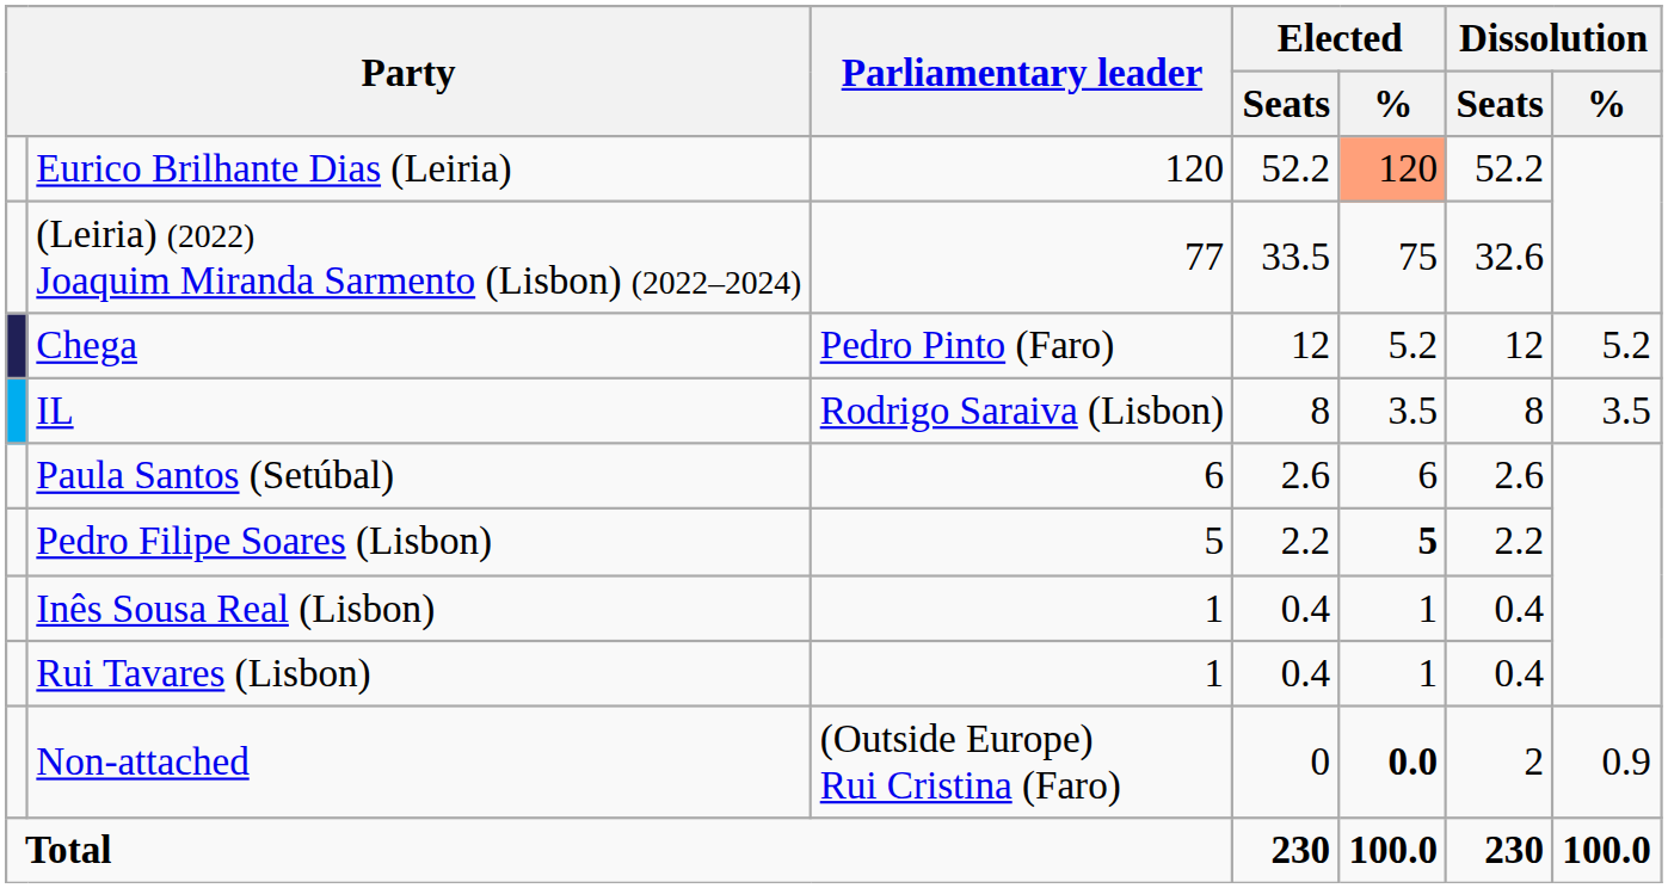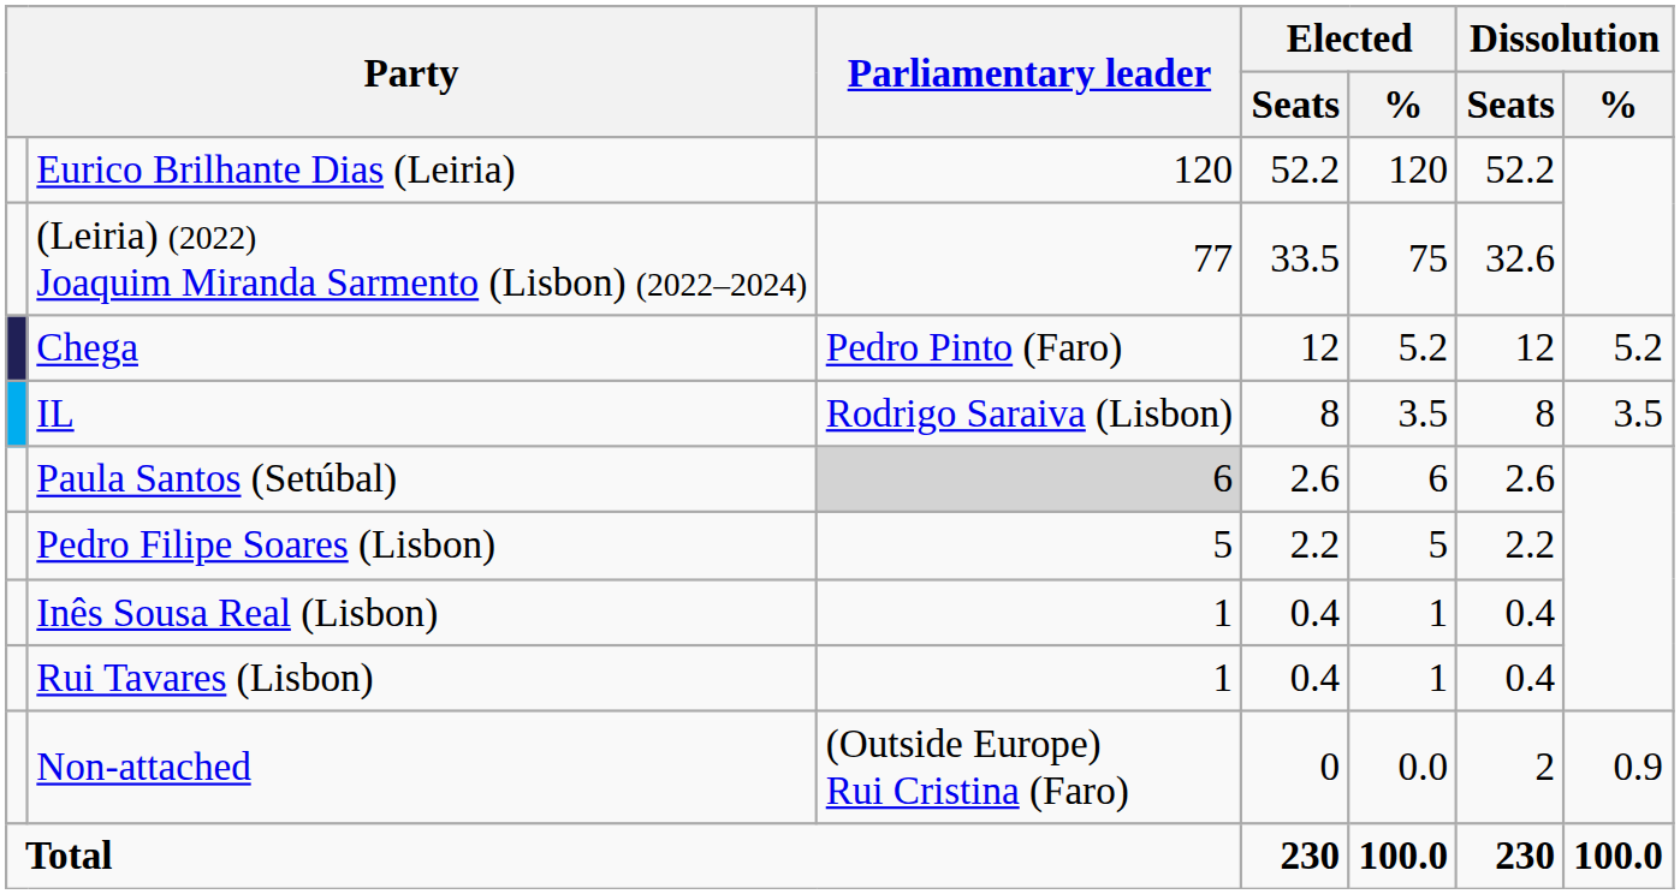 <table class="wikitable" style="text-align:right; font-size:95%;">
 <tr>
 <th colspan="2" rowspan="2">Party</th>
 <th rowspan="2"><a href='#'>Parliamentary leader</a></th>
 <th colspan="2">Elected</th>
 <th colspan="2">Dissolution</th>
 </tr>
 <tr>
 <th>Seats</th>
 <th>%</th>
 <th>Seats</th>
 <th>%</th>
 </tr>
 <tr>
 <td></td>
 <td align="left"><a href='#'>Eurico Brilhante Dias</a> (Leiria)</td>
 <td align="right">120</td>
 <td align="right">52.2</td>
-<td align="right" style="background: lightsalmon;">120</td>
+<td align="right">120</td>
 <td align="right">52.2</td>
 </tr>
 <tr>
 <td></td>
 <td align="left"> (Leiria) <small>(2022)</small><br><a href='#'>Joaquim Miranda Sarmento</a> (Lisbon) <small>(2022–2024)</small></td>
 <td align="right">77</td>
 <td align="right">33.5</td>
 <td align="right">75</td>
 <td align="right">32.6</td>
 </tr>
 <tr>
 <td style="background:#202056; text-align:center;"></td>
 <td style="text-align:left;"><a href='#'>Chega</a></td>
 <td align="left"><a href='#'>Pedro Pinto</a> (Faro)</td>
 <td align="right">12</td>
 <td align="right">5.2</td>
 <td align="right">12</td>
 <td align="right">5.2</td>
 </tr>
 <tr>
 <td style="background:#00ADEF; text-align:center;"></td>
 <td style="text-align:left;"><a href='#'>IL</a></td>
 <td align="left"><a href='#'>Rodrigo Saraiva</a> (Lisbon)</td>
 <td align="right">8</td>
 <td align="right">3.5</td>
 <td align="right">8</td>
 <td align="right">3.5</td>
 </tr>
 <tr>
 <td></td>
 <td align="left"><a href='#'>Paula Santos</a> (Setúbal)</td>
-<td align="right">6</td>
+<td align="right" style="background: lightgrey;">6</td>
 <td align="right">2.6</td>
 <td align="right">6</td>
 <td align="right">2.6</td>
 </tr>
 <tr>
 <td></td>
 <td align="left"><a href='#'>Pedro Filipe Soares</a> (Lisbon)</td>
 <td align="right">5</td>
 <td align="right">2.2</td>
-<td align="right"><strong>5</strong></td>
+<td align="right">5</td>
 <td align="right">2.2</td>
 </tr>
 <tr>
 <td></td>
 <td align="left"><a href='#'>Inês Sousa Real</a> (Lisbon)</td>
 <td align="right">1</td>
 <td align="right">0.4</td>
 <td align="right">1</td>
 <td align="right">0.4</td>
 </tr>
 <tr>
 <td></td>
 <td align="left"><a href='#'>Rui Tavares</a> (Lisbon)</td>
 <td align="right">1</td>
 <td align="right">0.4</td>
 <td align="right">1</td>
 <td align="right">0.4</td>
 </tr>
 <tr>
 <td style="width:1px; background:"></td>
 <td style="text-align:left;"><a href='#'>Non-attached</a></td>
 <td align="left"> (Outside Europe)<br><a href='#'>Rui Cristina</a> (Faro)</td>
 <td align="right">0</td>
-<td align="right"><strong>0.0</strong></td>
+<td align="right">0.0</td>
 <td align="right">2</td>
 <td align="right">0.9</td>
 </tr>
 <tr>
 <td colspan="3" align="left"> <strong>Total</strong></td>
 <td align="right"><strong>230</strong></td>
 <td align="right"><strong>100.0</strong></td>
 <td align="right"><strong>230</strong></td>
 <td align="right"><strong>100.0</strong></td>
 </tr>
 </table>
